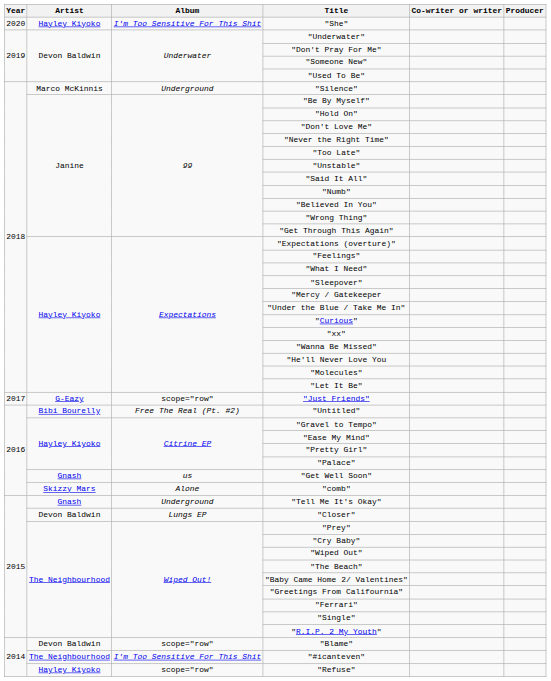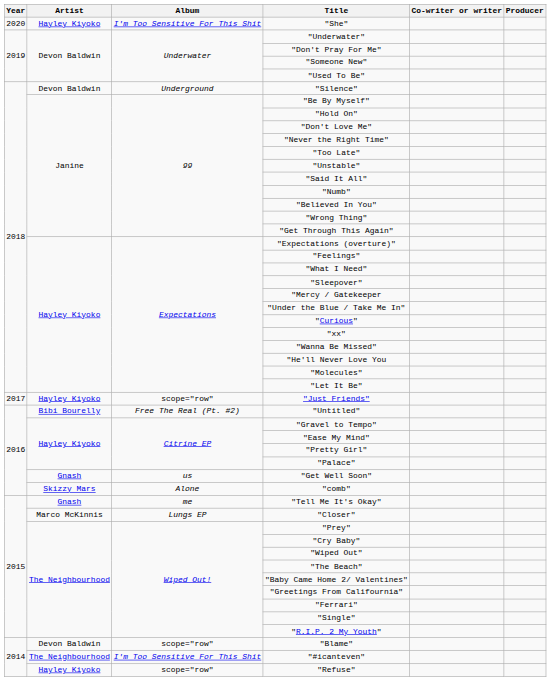 <table class="wikitable plainrowheaders" style="text-align:center;">
 <tr>
 <th>Year</th>
 <th>Artist</th>
 <th>Album</th>
 <th>Title</th>
 <th>Co-writer or writer</th>
 <th>Producer</th>
 </tr>
 <tr>
 <td rowspan="1">2020</td>
 <td rowspan="1"><a href='#'>Hayley Kiyoko</a></td>
 <td rowspan="1"><em><a href='#'>I'm Too Sensitive For This Shit</a></em></td>
 <td scope="row">"She"</td>
 <td></td>
 <td></td>
 </tr>
 <tr>
 <td rowspan="4">2019</td>
 <td rowspan="4">Devon Baldwin</td>
 <td rowspan="4"><em>Underwater</em></td>
 <td scope="row">"Underwater"</td>
 <td></td>
 <td></td>
 </tr>
 <tr>
 <td scope="row">"Don't Pray For Me"</td>
 <td></td>
 <td></td>
 </tr>
 <tr>
 <td scope="row">"Someone New"</td>
 <td></td>
 <td></td>
 </tr>
 <tr>
 <td scope="row">"Used To Be"</td>
 <td></td>
 <td></td>
 </tr>
 <tr>
 <td rowspan="24">2018</td>
-<td scope="row">Marco McKinnis</td>
+<td scope="row">Devon Baldwin</td>
 <td scope="row"><em>Underground</em></td>
 <td scope="row">"Silence"</td>
 <td></td>
 <td></td>
 </tr>
 <tr>
 <td rowspan="11">Janine</td>
 <td rowspan="11"><em>99</em></td>
 <td scope="row">"Be By Myself"</td>
 <td></td>
 <td></td>
 </tr>
 <tr>
 <td scope="row">"Hold On"</td>
 <td></td>
 <td></td>
 </tr>
 <tr>
 <td scope="row">"Don't Love Me"</td>
 <td></td>
 <td></td>
 </tr>
 <tr>
 <td scope="row">"Never the Right Time"</td>
 <td></td>
 <td></td>
 </tr>
 <tr>
 <td scope="row">"Too Late"</td>
 <td></td>
 <td></td>
 </tr>
 <tr>
 <td scope="row">"Unstable"</td>
 <td></td>
 <td></td>
 </tr>
 <tr>
 <td scope="row">"Said It All"</td>
 <td></td>
 <td></td>
 </tr>
 <tr>
 <td scope="row">"Numb"</td>
 <td></td>
 <td></td>
 </tr>
 <tr>
 <td scope="row">"Believed In You"</td>
 <td></td>
 <td></td>
 </tr>
 <tr>
 <td scope="row">"Wrong Thing"</td>
 <td></td>
 <td></td>
 </tr>
 <tr>
 <td scope="row">"Get Through This Again"</td>
 <td></td>
 <td></td>
 </tr>
 <tr>
 <td rowspan="12"><a href='#'>Hayley Kiyoko</a></td>
 <td rowspan="12"><em><a href='#'>Expectations</a></em></td>
 <td scope="row">"Expectations (overture)"</td>
 <td></td>
 <td></td>
 </tr>
 <tr>
 <td scope="row">"Feelings"</td>
 <td></td>
 <td></td>
 </tr>
 <tr>
 <td scope="row">"What I Need"<br></td>
 <td></td>
 <td></td>
 </tr>
 <tr>
 <td scope="row">"Sleepover"</td>
 <td></td>
 <td></td>
 </tr>
 <tr>
 <td scope="row">"Mercy / Gatekeeper</td>
 <td></td>
 <td></td>
 </tr>
 <tr>
 <td scope="row">"Under the Blue / Take Me In"</td>
 <td></td>
 <td></td>
 </tr>
 <tr>
 <td scope="row">"<a href='#'>Curious</a>"</td>
 <td></td>
 <td></td>
 </tr>
 <tr>
 <td scope="row">"xx"</td>
 <td></td>
 <td></td>
 </tr>
 <tr>
 <td scope="row">"Wanna Be Missed"</td>
 <td></td>
 <td></td>
 </tr>
 <tr>
 <td scope="row">"He'll Never Love You</td>
 <td></td>
 <td></td>
 </tr>
 <tr>
 <td scope="row">"Molecules"</td>
 <td></td>
 <td></td>
 </tr>
 <tr>
 <td scope="row">"Let It Be"</td>
 <td></td>
 <td></td>
 </tr>
 <tr>
 <td scope="row">2017</td>
-<td scope="row"><a href='#'>G-Eazy</a></td>
+<td rowspan="1"><a href='#'>Hayley Kiyoko</a></td>
 <td>scope="row" </td>
 <td scope="row"><a href='#'>"Just Friends"</a><br></td>
 <td></td>
 <td></td>
 </tr>
 <tr>
 <td rowspan="7">2016</td>
 <td scope="row"><a href='#'>Bibi Bourelly</a></td>
 <td scope="row"><em>Free The Real (Pt. #2)</em></td>
 <td scope="row">"Untitled"</td>
 <td></td>
 <td></td>
 </tr>
 <tr>
 <td rowspan="4"><a href='#'>Hayley Kiyoko</a></td>
 <td rowspan="4"><em><a href='#'>Citrine EP</a></em></td>
 <td scope="row">"Gravel to Tempo"</td>
 <td></td>
 <td></td>
 </tr>
 <tr>
 <td scope="row">"Ease My Mind"</td>
 <td></td>
 <td></td>
 </tr>
 <tr>
 <td scope="row">"Pretty Girl"</td>
 <td></td>
 <td></td>
 </tr>
 <tr>
 <td scope="row">"Palace"</td>
 <td></td>
 <td></td>
 </tr>
 <tr>
 <td scope="row"><a href='#'>Gnash</a></td>
 <td scope="row"><em>us</em></td>
 <td scope="row">"Get Well Soon"<br></td>
 <td></td>
 <td></td>
 </tr>
 <tr>
 <td scope="row"><a href='#'>Skizzy Mars</a></td>
 <td scope="row"><em>Alone</em></td>
 <td scope="row">"comb"</td>
 <td></td>
 <td></td>
 </tr>
 <tr>
 <td rowspan="11">2015</td>
 <td scope="row"><a href='#'>Gnash</a></td>
-<td scope="row"><em>Underground</em></td>
+<td scope="row"><em>me</em></td>
 <td scope="row">"Tell Me It's Okay"</td>
 <td></td>
 <td></td>
 </tr>
 <tr>
-<td scope="row">Devon Baldwin</td>
+<td scope="row">Marco McKinnis</td>
 <td scope="row"><em>Lungs EP</em></td>
 <td scope="row">"Closer"</td>
 <td></td>
 <td></td>
 </tr>
 <tr>
 <td rowspan="9"><a href='#'>The Neighbourhood</a></td>
 <td rowspan="9"><em><a href='#'>Wiped Out!</a></em></td>
 <td scope="row">"Prey"</td>
 <td></td>
 <td></td>
 </tr>
 <tr>
 <td scope="row">"Cry Baby"</td>
 <td></td>
 <td></td>
 </tr>
 <tr>
 <td scope="row">"Wiped Out"</td>
 <td></td>
 <td></td>
 </tr>
 <tr>
 <td scope="row">"The Beach"</td>
 <td></td>
 <td></td>
 </tr>
 <tr>
 <td scope="row">"Baby Came Home 2/ Valentines"</td>
 <td></td>
 <td></td>
 </tr>
 <tr>
 <td scope="row">"Greetings From Califournia"</td>
 <td></td>
 <td></td>
 </tr>
 <tr>
 <td scope="row">"Ferrari"</td>
 <td></td>
 <td></td>
 </tr>
 <tr>
 <td scope="row">"Single"</td>
 <td></td>
 <td></td>
 </tr>
 <tr>
 <td scope="row">"<a href='#'>R.I.P. 2 My Youth</a>"</td>
 <td></td>
 <td></td>
 </tr>
 <tr>
 <td rowspan="3">2014</td>
 <td scope="row">Devon Baldwin</td>
 <td>scope="row" </td>
 <td scope="row">"Blame"</td>
 <td></td>
 <td></td>
 </tr>
 <tr>
 <td scope="row"><a href='#'>The Neighbourhood</a></td>
 <td rowspan="1"><em><a href='#'>I'm Too Sensitive For This Shit</a></em></td>
 <td scope="row">"#icanteven"<br></td>
 <td></td>
 <td></td>
 </tr>
 <tr>
 <td rowspan="1"><a href='#'>Hayley Kiyoko</a></td>
 <td>scope="row" </td>
 <td scope="row">"Refuse"</td>
 <td></td>
 <td></td>
 </tr>
 </table>
